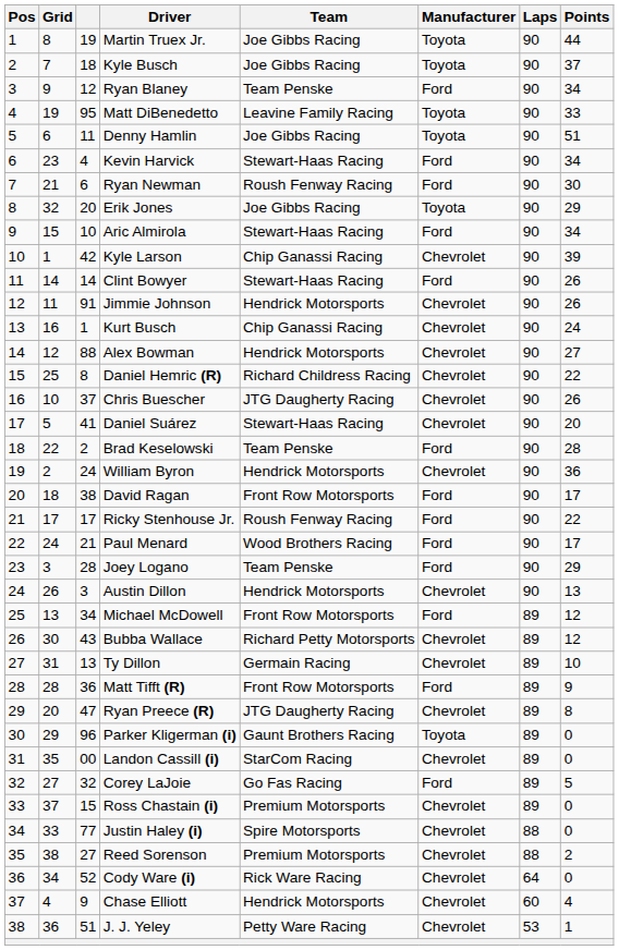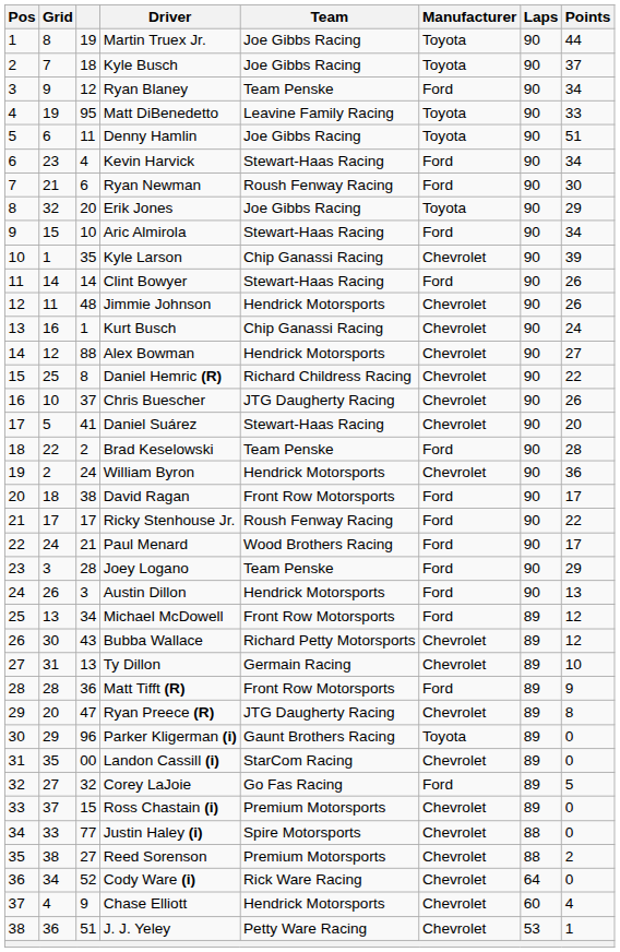 <table class="wikitable" style="font-size:98%">
 <tr>
 <th>Pos</th>
 <th>Grid</th>
 <th></th>
 <th>Driver</th>
 <th>Team</th>
 <th>Manufacturer</th>
 <th>Laps</th>
 <th>Points</th>
 </tr>
 <tr>
 <td>1</td>
 <td>8</td>
 <td>19</td>
 <td>Martin Truex Jr.</td>
 <td>Joe Gibbs Racing</td>
 <td>Toyota</td>
 <td>90</td>
 <td>44</td>
 </tr>
 <tr>
 <td>2</td>
 <td>7</td>
 <td>18</td>
 <td>Kyle Busch</td>
 <td>Joe Gibbs Racing</td>
 <td>Toyota</td>
 <td>90</td>
 <td>37</td>
 </tr>
 <tr>
 <td>3</td>
 <td>9</td>
 <td>12</td>
 <td>Ryan Blaney</td>
 <td>Team Penske</td>
 <td>Ford</td>
 <td>90</td>
 <td>34</td>
 </tr>
 <tr>
 <td>4</td>
 <td>19</td>
 <td>95</td>
 <td>Matt DiBenedetto</td>
 <td>Leavine Family Racing</td>
 <td>Toyota</td>
 <td>90</td>
 <td>33</td>
 </tr>
 <tr>
 <td>5</td>
 <td>6</td>
 <td>11</td>
 <td>Denny Hamlin</td>
 <td>Joe Gibbs Racing</td>
 <td>Toyota</td>
 <td>90</td>
 <td>51</td>
 </tr>
 <tr>
 <td>6</td>
 <td>23</td>
 <td>4</td>
 <td>Kevin Harvick</td>
 <td>Stewart-Haas Racing</td>
 <td>Ford</td>
 <td>90</td>
 <td>34</td>
 </tr>
 <tr>
 <td>7</td>
 <td>21</td>
 <td>6</td>
 <td>Ryan Newman</td>
 <td>Roush Fenway Racing</td>
 <td>Ford</td>
 <td>90</td>
 <td>30</td>
 </tr>
 <tr>
 <td>8</td>
 <td>32</td>
 <td>20</td>
 <td>Erik Jones</td>
 <td>Joe Gibbs Racing</td>
 <td>Toyota</td>
 <td>90</td>
 <td>29</td>
 </tr>
 <tr>
 <td>9</td>
 <td>15</td>
 <td>10</td>
 <td>Aric Almirola</td>
 <td>Stewart-Haas Racing</td>
 <td>Ford</td>
 <td>90</td>
 <td>34</td>
 </tr>
 <tr>
 <td>10</td>
 <td>1</td>
-<td>42</td>
+<td>35</td>
 <td>Kyle Larson</td>
 <td>Chip Ganassi Racing</td>
 <td>Chevrolet</td>
 <td>90</td>
 <td>39</td>
 </tr>
 <tr>
 <td>11</td>
 <td>14</td>
 <td>14</td>
 <td>Clint Bowyer</td>
 <td>Stewart-Haas Racing</td>
 <td>Ford</td>
 <td>90</td>
 <td>26</td>
 </tr>
 <tr>
 <td>12</td>
 <td>11</td>
-<td>91</td>
+<td>48</td>
 <td>Jimmie Johnson</td>
 <td>Hendrick Motorsports</td>
 <td>Chevrolet</td>
 <td>90</td>
 <td>26</td>
 </tr>
 <tr>
 <td>13</td>
 <td>16</td>
 <td>1</td>
 <td>Kurt Busch</td>
 <td>Chip Ganassi Racing</td>
 <td>Chevrolet</td>
 <td>90</td>
 <td>24</td>
 </tr>
 <tr>
 <td>14</td>
 <td>12</td>
 <td>88</td>
 <td>Alex Bowman</td>
 <td>Hendrick Motorsports</td>
 <td>Chevrolet</td>
 <td>90</td>
 <td>27</td>
 </tr>
 <tr>
 <td>15</td>
 <td>25</td>
 <td>8</td>
 <td>Daniel Hemric <strong>(R)</strong></td>
 <td>Richard Childress Racing</td>
 <td>Chevrolet</td>
 <td>90</td>
 <td>22</td>
 </tr>
 <tr>
 <td>16</td>
 <td>10</td>
 <td>37</td>
 <td>Chris Buescher</td>
 <td>JTG Daugherty Racing</td>
 <td>Chevrolet</td>
 <td>90</td>
 <td>26</td>
 </tr>
 <tr>
 <td>17</td>
 <td>5</td>
 <td>41</td>
 <td>Daniel Suárez</td>
 <td>Stewart-Haas Racing</td>
 <td>Chevrolet</td>
 <td>90</td>
 <td>20</td>
 </tr>
 <tr>
 <td>18</td>
 <td>22</td>
 <td>2</td>
 <td>Brad Keselowski</td>
 <td>Team Penske</td>
 <td>Ford</td>
 <td>90</td>
 <td>28</td>
 </tr>
 <tr>
 <td>19</td>
 <td>2</td>
 <td>24</td>
 <td>William Byron</td>
 <td>Hendrick Motorsports</td>
 <td>Chevrolet</td>
 <td>90</td>
 <td>36</td>
 </tr>
 <tr>
 <td>20</td>
 <td>18</td>
 <td>38</td>
 <td>David Ragan</td>
 <td>Front Row Motorsports</td>
 <td>Ford</td>
 <td>90</td>
 <td>17</td>
 </tr>
 <tr>
 <td>21</td>
 <td>17</td>
 <td>17</td>
 <td>Ricky Stenhouse Jr.</td>
 <td>Roush Fenway Racing</td>
 <td>Ford</td>
 <td>90</td>
 <td>22</td>
 </tr>
 <tr>
 <td>22</td>
 <td>24</td>
 <td>21</td>
 <td>Paul Menard</td>
 <td>Wood Brothers Racing</td>
 <td>Ford</td>
 <td>90</td>
 <td>17</td>
 </tr>
 <tr>
 <td>23</td>
 <td>3</td>
 <td>28</td>
 <td>Joey Logano</td>
 <td>Team Penske</td>
 <td>Ford</td>
 <td>90</td>
 <td>29</td>
 </tr>
 <tr>
 <td>24</td>
 <td>26</td>
 <td>3</td>
 <td>Austin Dillon</td>
 <td>Hendrick Motorsports</td>
-<td>Chevrolet</td>
+<td>Ford</td>
 <td>90</td>
 <td>13</td>
 </tr>
 <tr>
 <td>25</td>
 <td>13</td>
 <td>34</td>
 <td>Michael McDowell</td>
 <td>Front Row Motorsports</td>
 <td>Ford</td>
 <td>89</td>
 <td>12</td>
 </tr>
 <tr>
 <td>26</td>
 <td>30</td>
 <td>43</td>
 <td>Bubba Wallace</td>
 <td>Richard Petty Motorsports</td>
 <td>Chevrolet</td>
 <td>89</td>
 <td>12</td>
 </tr>
 <tr>
 <td>27</td>
 <td>31</td>
 <td>13</td>
 <td>Ty Dillon</td>
 <td>Germain Racing</td>
 <td>Chevrolet</td>
 <td>89</td>
 <td>10</td>
 </tr>
 <tr>
 <td>28</td>
 <td>28</td>
 <td>36</td>
 <td>Matt Tifft <strong>(R)</strong></td>
 <td>Front Row Motorsports</td>
 <td>Ford</td>
 <td>89</td>
 <td>9</td>
 </tr>
 <tr>
 <td>29</td>
 <td>20</td>
 <td>47</td>
 <td>Ryan Preece <strong>(R)</strong></td>
 <td>JTG Daugherty Racing</td>
 <td>Chevrolet</td>
 <td>89</td>
 <td>8</td>
 </tr>
 <tr>
 <td>30</td>
 <td>29</td>
 <td>96</td>
 <td>Parker Kligerman <strong>(i)</strong></td>
 <td>Gaunt Brothers Racing</td>
 <td>Toyota</td>
 <td>89</td>
 <td>0</td>
 </tr>
 <tr>
 <td>31</td>
 <td>35</td>
 <td>00</td>
 <td>Landon Cassill <strong>(i)</strong></td>
 <td>StarCom Racing</td>
 <td>Chevrolet</td>
 <td>89</td>
 <td>0</td>
 </tr>
 <tr>
 <td>32</td>
 <td>27</td>
 <td>32</td>
 <td>Corey LaJoie</td>
 <td>Go Fas Racing</td>
 <td>Ford</td>
 <td>89</td>
 <td>5</td>
 </tr>
 <tr>
 <td>33</td>
 <td>37</td>
 <td>15</td>
 <td>Ross Chastain <strong>(i)</strong></td>
 <td>Premium Motorsports</td>
 <td>Chevrolet</td>
 <td>89</td>
 <td>0</td>
 </tr>
 <tr>
 <td>34</td>
 <td>33</td>
 <td>77</td>
 <td>Justin Haley <strong>(i)</strong></td>
 <td>Spire Motorsports</td>
 <td>Chevrolet</td>
 <td>88</td>
 <td>0</td>
 </tr>
 <tr>
 <td>35</td>
 <td>38</td>
 <td>27</td>
 <td>Reed Sorenson</td>
 <td>Premium Motorsports</td>
 <td>Chevrolet</td>
 <td>88</td>
 <td>2</td>
 </tr>
 <tr>
 <td>36</td>
 <td>34</td>
 <td>52</td>
 <td>Cody Ware <strong>(i)</strong></td>
 <td>Rick Ware Racing</td>
 <td>Chevrolet</td>
 <td>64</td>
 <td>0</td>
 </tr>
 <tr>
 <td>37</td>
 <td>4</td>
 <td>9</td>
 <td>Chase Elliott</td>
 <td>Hendrick Motorsports</td>
 <td>Chevrolet</td>
 <td>60</td>
 <td>4</td>
 </tr>
 <tr>
 <td>38</td>
 <td>36</td>
 <td>51</td>
 <td>J. J. Yeley</td>
 <td>Petty Ware Racing</td>
 <td>Chevrolet</td>
 <td>53</td>
 <td>1</td>
 </tr>
 <tr>
 <th colspan="8"></th>
 </tr>
 </table>
